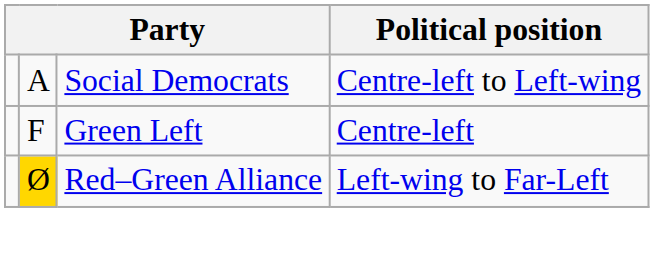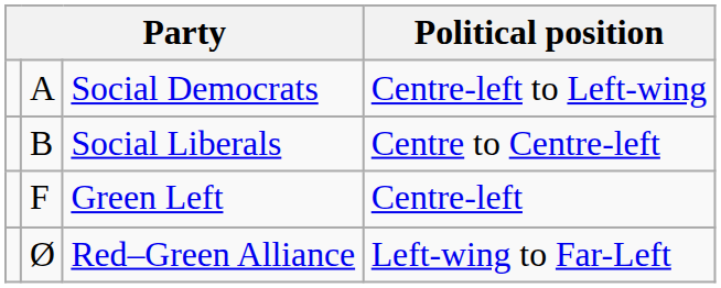 <table class="wikitable">
 <tr>
 <th colspan="3">Party</th>
 <th>Political position</th>
 </tr>
 <tr>
 <td></td>
 <td>A</td>
 <td><a href='#'>Social Democrats</a></td>
 <td><a href='#'>Centre-left</a> to <a href='#'>Left-wing</a></td>
 </tr>
 <tr>
 <td></td>
+<td>B</td>
+<td><a href='#'>Social Liberals</a></td>
+<td><a href='#'>Centre</a> to <a href='#'>Centre-left</a></td>
+</tr>
+<tr>
+<td></td>
 <td>F</td>
 <td><a href='#'>Green Left</a></td>
 <td><a href='#'>Centre-left</a></td>
 </tr>
 <tr>
 <td></td>
-<td style="background: gold;">Ø</td>
+<td>Ø</td>
 <td><a href='#'>Red–Green Alliance</a></td>
 <td><a href='#'>Left-wing</a> to  <a href='#'>Far-Left</a></td>
 </tr>
 </table>
